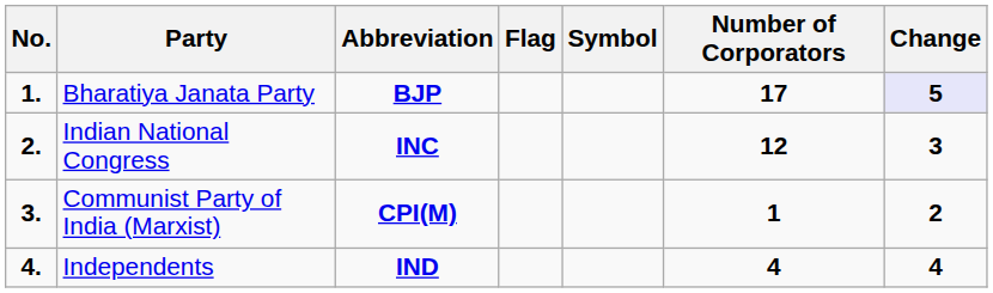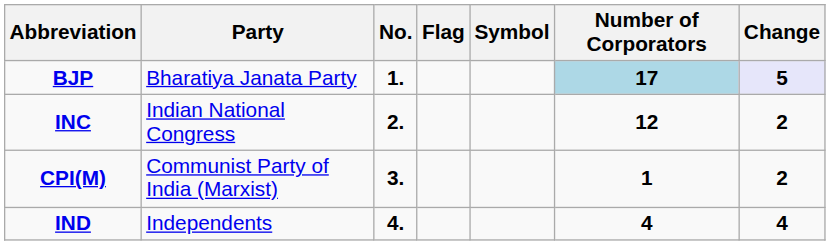 <table class="wikitable"  width="50%">
 <tr>
+<th>Abbreviation</th>
+<th>Party</th>
 <th>No.</th>
-<th>Party</th>
-<th>Abbreviation</th>
 <th>Flag</th>
 <th>Symbol</th>
 <th>Number of Corporators</th>
 <th>Change</th>
 </tr>
 <tr>
+<td align="center"><a href='#'><strong>BJP</strong></a></td>
+<td><a href='#'>Bharatiya Janata Party</a></td>
 <td ! style="text-align:center; background:"><strong>1.</strong></td>
-<td><a href='#'>Bharatiya Janata Party</a></td>
-<td align="center"><a href='#'><strong>BJP</strong></a></td>
 <td></td>
 <td></td>
-<td align="center"><strong>17</strong></td>
+<td align="center" style="background: lightblue;"><strong>17</strong></td>
 <td align="center" style="background: lavender;"> <strong>5</strong></td>
 </tr>
 <tr>
+<td align="center"><a href='#'><strong>INC</strong></a></td>
+<td><a href='#'>Indian National Congress</a></td>
 <td ! style="text-align:center; background:"><strong>2.</strong></td>
-<td><a href='#'>Indian National Congress</a></td>
-<td align="center"><a href='#'><strong>INC</strong></a></td>
 <td></td>
 <td></td>
 <td align="center"><strong>12</strong></td>
-<td align="center"> <strong>3</strong></td>
+<td align="center"> <strong>2</strong></td>
 </tr>
 <tr>
+<td align="center"><a href='#'><strong>CPI(M)</strong></a></td>
+<td><a href='#'>Communist Party of India (Marxist)</a></td>
 <td ! style="text-align:center; background:"><strong>3.</strong></td>
-<td><a href='#'>Communist Party of India (Marxist)</a></td>
-<td align="center"><a href='#'><strong>CPI(M)</strong></a></td>
 <td></td>
 <td></td>
 <td align="center"><strong>1</strong></td>
 <td align="center"> <strong>2</strong></td>
 </tr>
 <tr>
+<td align="center"><a href='#'><strong>IND</strong></a></td>
+<td><a href='#'>Independents</a></td>
 <td ! style="text-align:center; background:"><strong>4.</strong></td>
-<td><a href='#'>Independents</a></td>
-<td align="center"><a href='#'><strong>IND</strong></a></td>
 <td></td>
 <td></td>
 <td align="center"><strong>4</strong></td>
 <td align="center"> <strong>4</strong></td>
 </tr>
 </table>
